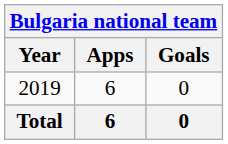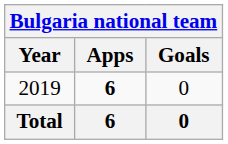 <table class=wikitable style="text-align:center">
 <tr>
 <th colspan=3><a href='#'>Bulgaria national team</a></th>
 </tr>
 <tr>
 <th>Year</th>
 <th>Apps</th>
 <th>Goals</th>
 </tr>
 <tr>
 <td>2019</td>
-<td>6</td>
+<td><strong>6</strong></td>
 <td>0</td>
 </tr>
 <tr>
 <th>Total</th>
 <th>6</th>
 <th>0</th>
 </tr>
 </table>
